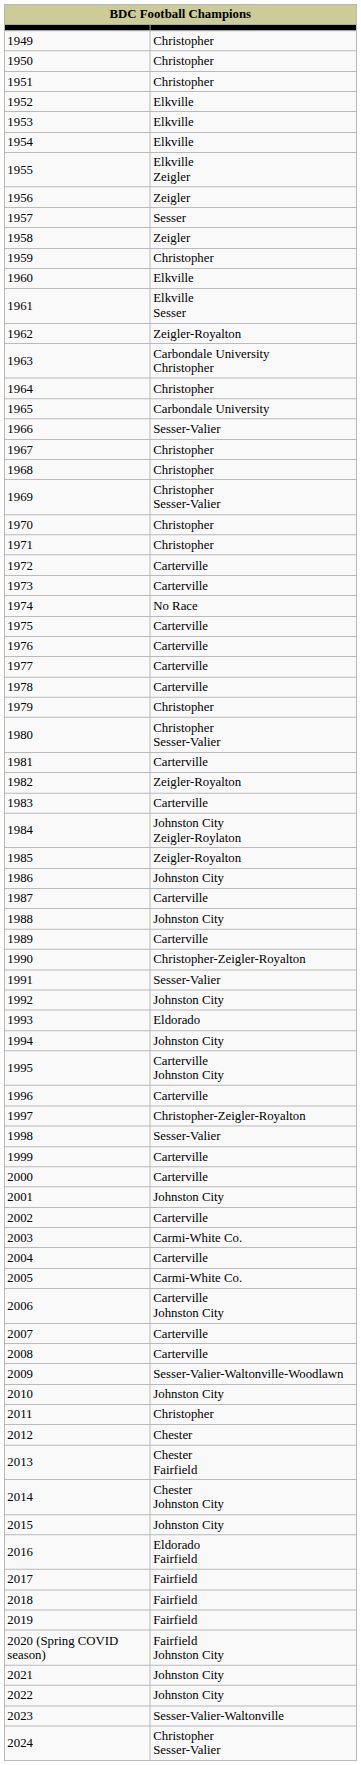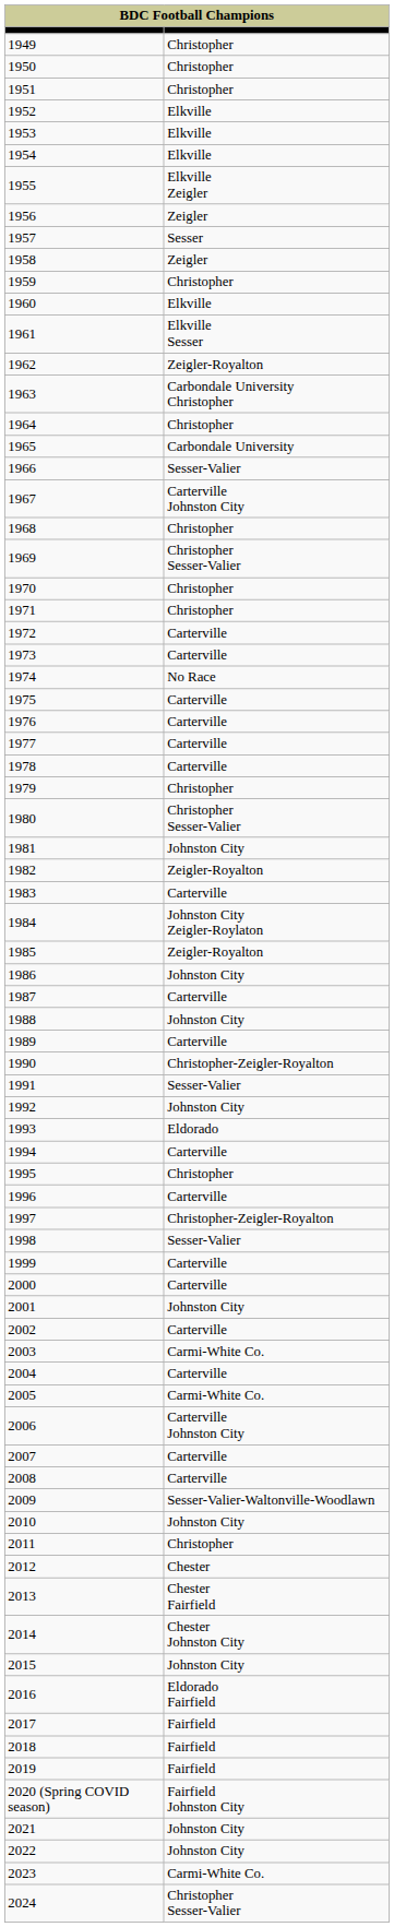 <table class="wikitable" border="1">
 <tr style="background: #cccc99; color: black">
 <td colspan="2" style="text-align:center;"><strong>BDC Football Champions</strong></td>
 </tr>
 <tr>
 </tr>
 <tr style="background: black; color: #cccc99">
 <td width="175"></td>
 <td width="250"></td>
 </tr>
 <tr>
 <td>1949</td>
 <td>Christopher</td>
 </tr>
 <tr>
 <td>1950</td>
 <td>Christopher</td>
 </tr>
 <tr>
 <td>1951</td>
 <td>Christopher</td>
 </tr>
 <tr>
 <td>1952</td>
 <td>Elkville</td>
 </tr>
 <tr>
 <td>1953</td>
 <td>Elkville</td>
 </tr>
 <tr>
 <td>1954</td>
 <td>Elkville</td>
 </tr>
 <tr>
 <td>1955</td>
 <td>Elkville<br> Zeigler</td>
 </tr>
 <tr>
 <td>1956</td>
 <td>Zeigler</td>
 </tr>
 <tr>
 <td>1957</td>
 <td>Sesser</td>
 </tr>
 <tr>
 <td>1958</td>
 <td>Zeigler</td>
 </tr>
 <tr>
 <td>1959</td>
 <td>Christopher</td>
 </tr>
 <tr>
 <td>1960</td>
 <td>Elkville</td>
 </tr>
 <tr>
 <td>1961</td>
 <td>Elkville<br> Sesser</td>
 </tr>
 <tr>
 <td>1962</td>
 <td>Zeigler-Royalton</td>
 </tr>
 <tr>
 <td>1963</td>
 <td>Carbondale University<br> Christopher</td>
 </tr>
 <tr>
 <td>1964</td>
 <td>Christopher</td>
 </tr>
 <tr>
 <td>1965</td>
 <td>Carbondale University</td>
 </tr>
 <tr>
 <td>1966</td>
 <td>Sesser-Valier</td>
 </tr>
 <tr>
 <td>1967</td>
-<td>Christopher</td>
+<td>Carterville<br> Johnston City</td>
 </tr>
 <tr>
 <td>1968</td>
 <td>Christopher</td>
 </tr>
 <tr>
 <td>1969</td>
 <td>Christopher<br> Sesser-Valier</td>
 </tr>
 <tr>
 <td>1970</td>
 <td>Christopher</td>
 </tr>
 <tr>
 <td>1971</td>
 <td>Christopher</td>
 </tr>
 <tr>
 <td>1972</td>
 <td>Carterville</td>
 </tr>
 <tr>
 <td>1973</td>
 <td>Carterville</td>
 </tr>
 <tr>
 <td>1974</td>
 <td>No Race</td>
 </tr>
 <tr>
 <td>1975</td>
 <td>Carterville</td>
 </tr>
 <tr>
 <td>1976</td>
 <td>Carterville</td>
 </tr>
 <tr>
 <td>1977</td>
 <td>Carterville</td>
 </tr>
 <tr>
 <td>1978</td>
 <td>Carterville</td>
 </tr>
 <tr>
 <td>1979</td>
 <td>Christopher</td>
 </tr>
 <tr>
 <td>1980</td>
 <td>Christopher<br> Sesser-Valier</td>
 </tr>
 <tr>
 <td>1981</td>
-<td>Carterville</td>
+<td>Johnston City</td>
 </tr>
 <tr>
 <td>1982</td>
 <td>Zeigler-Royalton</td>
 </tr>
 <tr>
 <td>1983</td>
 <td>Carterville</td>
 </tr>
 <tr>
 <td>1984</td>
 <td>Johnston City<br> Zeigler-Roylaton</td>
 </tr>
 <tr>
 <td>1985</td>
 <td>Zeigler-Royalton</td>
 </tr>
 <tr>
 <td>1986</td>
 <td>Johnston City</td>
 </tr>
 <tr>
 <td>1987</td>
 <td>Carterville</td>
 </tr>
 <tr>
 <td>1988</td>
 <td>Johnston City</td>
 </tr>
 <tr>
 <td>1989</td>
 <td>Carterville</td>
 </tr>
 <tr>
 <td>1990</td>
 <td>Christopher-Zeigler-Royalton</td>
 </tr>
 <tr>
 <td>1991</td>
 <td>Sesser-Valier</td>
 </tr>
 <tr>
 <td>1992</td>
 <td>Johnston City</td>
 </tr>
 <tr>
 <td>1993</td>
 <td>Eldorado</td>
 </tr>
 <tr>
 <td>1994</td>
-<td>Johnston City</td>
+<td>Carterville</td>
 </tr>
 <tr>
 <td>1995</td>
-<td>Carterville<br> Johnston City</td>
+<td>Christopher</td>
 </tr>
 <tr>
 <td>1996</td>
 <td>Carterville</td>
 </tr>
 <tr>
 <td>1997</td>
 <td>Christopher-Zeigler-Royalton</td>
 </tr>
 <tr>
 <td>1998</td>
 <td>Sesser-Valier</td>
 </tr>
 <tr>
 <td>1999</td>
 <td>Carterville</td>
 </tr>
 <tr>
 <td>2000</td>
 <td>Carterville</td>
 </tr>
 <tr>
 <td>2001</td>
 <td>Johnston City</td>
 </tr>
 <tr>
 <td>2002</td>
 <td>Carterville</td>
 </tr>
 <tr>
 <td>2003</td>
 <td>Carmi-White Co.</td>
 </tr>
 <tr>
 <td>2004</td>
 <td>Carterville</td>
 </tr>
 <tr>
 <td>2005</td>
 <td>Carmi-White Co.</td>
 </tr>
 <tr>
 <td>2006</td>
 <td>Carterville<br> Johnston City</td>
 </tr>
 <tr>
 <td>2007</td>
 <td>Carterville</td>
 </tr>
 <tr>
 <td>2008</td>
 <td>Carterville</td>
 </tr>
 <tr>
 <td>2009</td>
 <td>Sesser-Valier-Waltonville-Woodlawn</td>
 </tr>
 <tr>
 <td>2010</td>
 <td>Johnston City</td>
 </tr>
 <tr>
 <td>2011</td>
 <td>Christopher</td>
 </tr>
 <tr>
 <td>2012</td>
 <td>Chester</td>
 </tr>
 <tr>
 <td>2013</td>
 <td>Chester<br> Fairfield</td>
 </tr>
 <tr>
 <td>2014</td>
 <td>Chester<br> Johnston City</td>
 </tr>
 <tr>
 <td>2015</td>
 <td>Johnston City</td>
 </tr>
 <tr>
 <td>2016</td>
 <td>Eldorado<br> Fairfield</td>
 </tr>
 <tr>
 <td>2017</td>
 <td>Fairfield</td>
 </tr>
 <tr>
 <td>2018</td>
 <td>Fairfield</td>
 </tr>
 <tr>
 <td>2019</td>
 <td>Fairfield</td>
 </tr>
 <tr>
 <td>2020 (Spring COVID season)</td>
 <td>Fairfield<br> Johnston City</td>
 </tr>
 <tr>
 <td>2021</td>
 <td>Johnston City</td>
 </tr>
 <tr>
 <td>2022</td>
 <td>Johnston City</td>
 </tr>
 <tr>
 <td>2023</td>
-<td>Sesser-Valier-Waltonville</td>
+<td>Carmi-White Co.</td>
 </tr>
 <tr>
 <td>2024</td>
 <td>Christopher<br> Sesser-Valier</td>
 </tr>
 </table>
